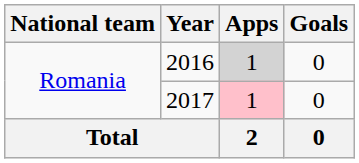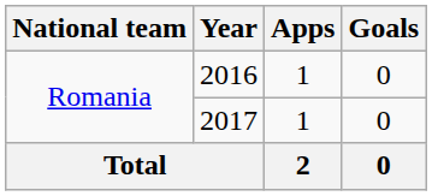 <table class="wikitable" style="text-align: center;">
 <tr>
 <th>National team</th>
 <th>Year</th>
 <th>Apps</th>
 <th>Goals</th>
 </tr>
 <tr>
 <td rowspan="2"><a href='#'>Romania</a></td>
 <td>2016</td>
-<td style="background: lightgrey;">1</td>
+<td>1</td>
 <td>0</td>
 </tr>
 <tr>
 <td>2017</td>
-<td style="background: pink;">1</td>
+<td>1</td>
 <td>0</td>
 </tr>
 <tr>
 <th colspan=2>Total</th>
 <th>2</th>
 <th>0</th>
 </tr>
 </table>
